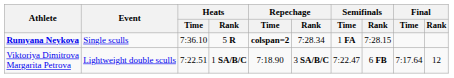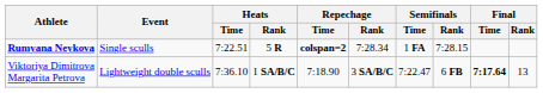 <table class="wikitable" style="font-size:90%;">
 <tr>
 <th rowspan="2">Athlete</th>
 <th rowspan="2">Event</th>
 <th colspan="2">Heats</th>
 <th colspan="2">Repechage</th>
 <th colspan="2">Semifinals</th>
 <th colspan="2">Final</th>
 </tr>
 <tr style="font-size:95%">
 <th>Time</th>
 <th>Rank</th>
 <th>Time</th>
 <th>Rank</th>
 <th>Time</th>
 <th>Rank</th>
 <th>Time</th>
 <th>Rank</th>
 </tr>
 <tr align=center>
 <td align=left><strong><a href='#'>Rumyana Neykova</a></strong></td>
 <td align=left><a href='#'>Single sculls</a></td>
-<td>7:36.10</td>
+<td>7:22.51</td>
 <td>5 <strong>R</strong></td>
 <td><strong>colspan=2 </strong></td>
 <td>7:28.34</td>
 <td>1 <strong>FA</strong></td>
 <td>7:28.15</td>
 <td></td>
 </tr>
 <tr align=center>
 <td align=left><a href='#'>Viktoriya Dimitrova</a><br><a href='#'>Margarita Petrova</a></td>
 <td align=left><a href='#'>Lightweight double sculls</a></td>
-<td>7:22.51</td>
+<td>7:36.10</td>
 <td>1 <strong>SA/B/C</strong></td>
 <td>7:18.90</td>
 <td>3 <strong>SA/B/C</strong></td>
 <td>7:22.47</td>
 <td>6 <strong>FB</strong></td>
-<td>7:17.64</td>
-<td>12</td>
+<td><strong>7:17.64</strong></td>
+<td>13</td>
 </tr>
 </table>
